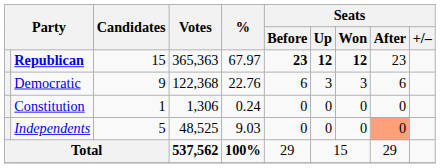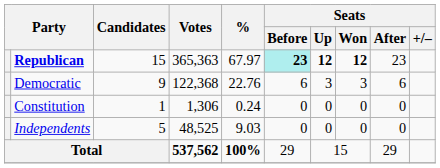 <table class="wikitable">
 <tr>
 <th rowspan="2" colspan="2">Party</th>
 <th rowspan="2">Candidates</th>
 <th rowspan="2">Votes</th>
 <th rowspan="2">%</th>
 <th colspan="5">Seats</th>
 </tr>
 <tr>
 <th>Before<br></th>
 <th>Up</th>
 <th>Won</th>
 <th>After<br></th>
 <th>+/–</th>
 </tr>
 <tr>
 <th style="background-color:"></th>
 <td><strong><a href='#'>Republican</a></strong></td>
 <td align="right">15</td>
 <td align="right">365,363</td>
 <td align="right">67.97</td>
-<td align="right"><strong>23</strong></td>
+<td align="right" style="background: paleturquoise;"><strong>23</strong></td>
 <td align="right"><strong>12</strong></td>
 <td align="right"><strong>12</strong></td>
 <td align="right">23</td>
 <td align="right"></td>
 </tr>
 <tr>
 <th style="background-color:"></th>
 <td><a href='#'>Democratic</a></td>
 <td align="right">9</td>
 <td align="right">122,368</td>
 <td align="right">22.76</td>
 <td align="right">6</td>
 <td align="right">3</td>
 <td align="right">3</td>
 <td align="right">6</td>
 <td align="right"></td>
 </tr>
 <tr>
 <th style="background-color:"></th>
 <td><a href='#'>Constitution</a></td>
 <td align="right">1</td>
 <td align="right">1,306</td>
 <td align="right">0.24</td>
 <td align="right">0</td>
 <td align="right">0</td>
 <td align="right">0</td>
 <td align="right">0</td>
 <td align="right"></td>
 </tr>
 <tr>
 <th style="background-color:"></th>
 <td><em><a href='#'>Independents</a></em></td>
 <td align="right">5</td>
 <td align="right">48,525</td>
 <td align="right">9.03</td>
 <td align="right">0</td>
 <td align="right">0</td>
 <td align="right">0</td>
-<td align="right" style="background: lightsalmon;">0</td>
+<td align="right">0</td>
 <td align="right"></td>
 </tr>
 <tr>
 <th colspan="3">Total</th>
 <td align="right"><strong>537,562</strong></td>
 <td align="right"><strong>100%</strong></td>
 <td align="center">29</td>
 <td colspan="2" align="center">15</td>
 <td align="center">29</td>
 <td align="right"></td>
 </tr>
 <tr>
 </tr>
 </table>
